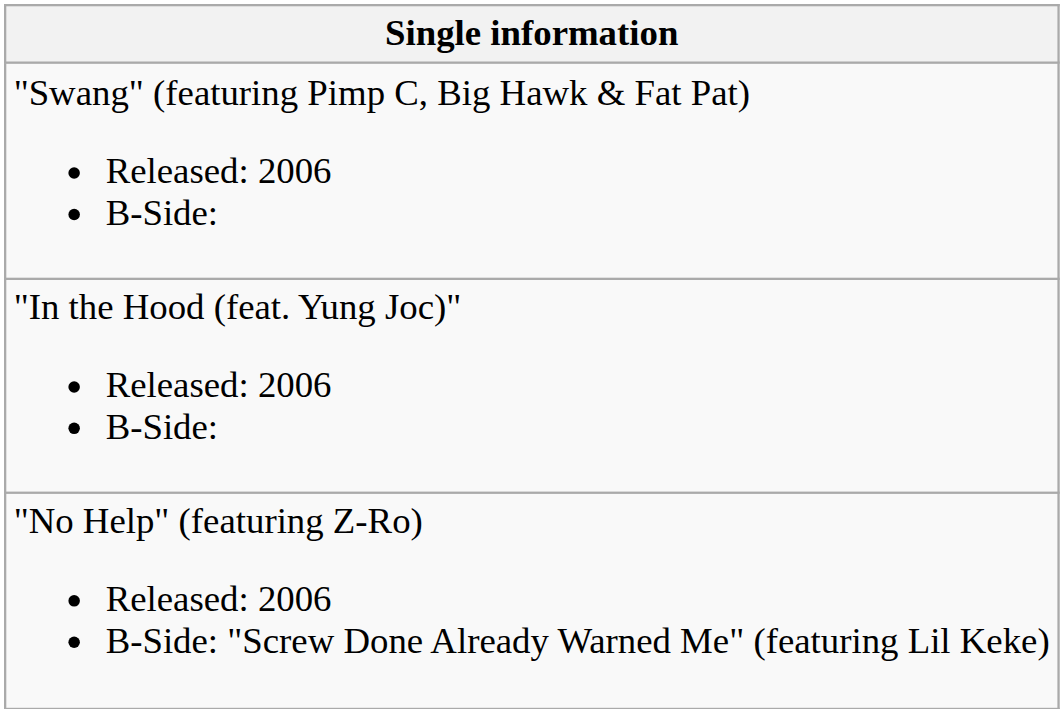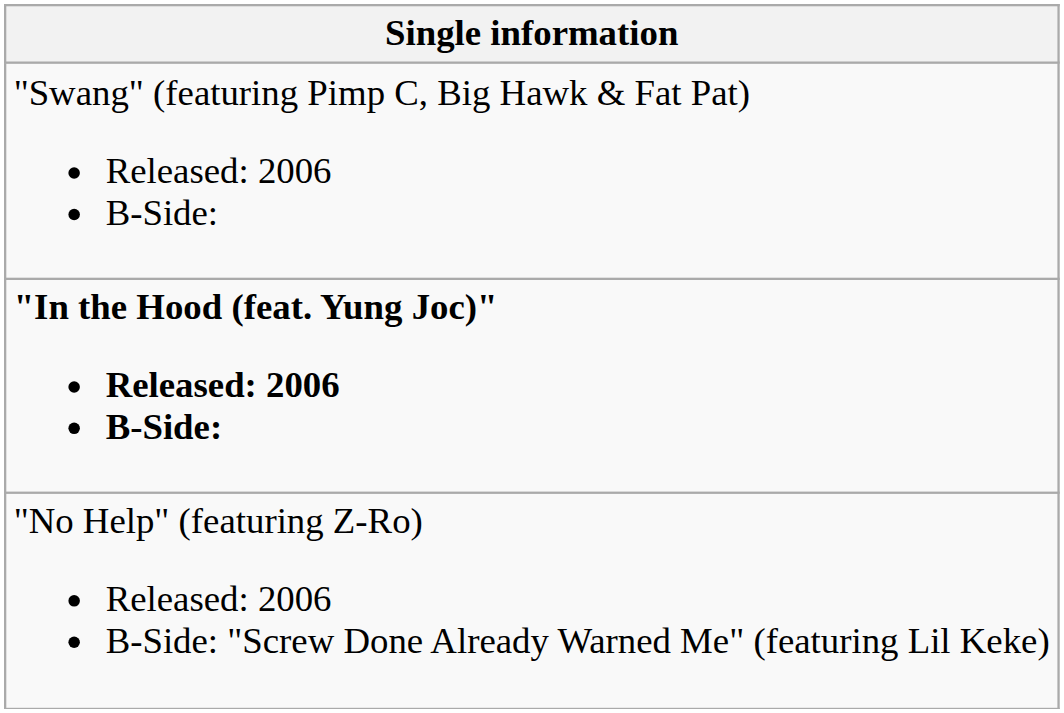 <table class="wikitable">
 <tr>
 <th>Single information</th>
 </tr>
 <tr>
 <td>"Swang" (featuring Pimp C, Big Hawk & Fat Pat)<br><ul><li>Released: 2006</li><li>B-Side:</li></ul></td>
 </tr>
 <tr>
-<td>"In the Hood (feat. Yung Joc)"<br><ul><li>Released: 2006</li><li>B-Side:</li></ul></td>
+<td><strong>"In the Hood (feat. Yung Joc)"<br><ul><li>Released: 2006</li><li>B-Side:</li></ul></strong></td>
 </tr>
 <tr>
 <td>"No Help" (featuring Z-Ro)<br><ul><li>Released: 2006</li><li>B-Side: "Screw Done Already Warned Me" (featuring Lil Keke)</li></ul></td>
 </tr>
 </table>
